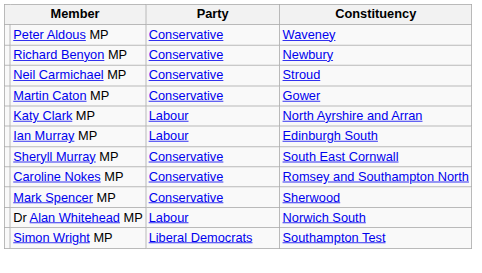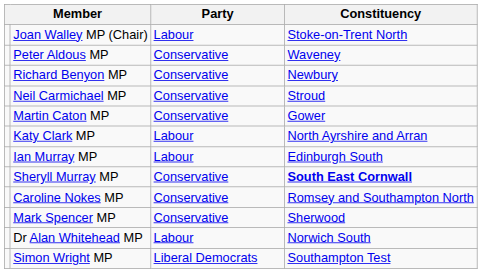 <table class="wikitable">
 <tr>
 <th colspan="2" valign="top" width="160px">Member</th>
 <th valign="top" width="160px">Party</th>
 <th valign="top">Constituency</th>
+</tr>
+<tr>
+<td style="color:inherit;background:"></td>
+<td><a href='#'>Joan Walley</a> MP (Chair)</td>
+<td><a href='#'>Labour</a></td>
+<td><a href='#'>Stoke-on-Trent North</a></td>
 </tr>
 <tr>
 <td style="color:inherit;background:"></td>
 <td><a href='#'>Peter Aldous</a> MP</td>
 <td><a href='#'>Conservative</a></td>
 <td><a href='#'>Waveney</a></td>
 </tr>
 <tr>
 <td style="color:inherit;background:"></td>
 <td><a href='#'>Richard Benyon</a> MP</td>
 <td><a href='#'>Conservative</a></td>
 <td><a href='#'>Newbury</a></td>
 </tr>
 <tr>
 <td style="color:inherit;background:"></td>
 <td><a href='#'>Neil Carmichael</a> MP</td>
 <td><a href='#'>Conservative</a></td>
 <td><a href='#'>Stroud</a></td>
 </tr>
 <tr>
 <td style="color:inherit;background:"></td>
 <td><a href='#'>Martin Caton</a> MP</td>
 <td><a href='#'>Conservative</a></td>
 <td><a href='#'>Gower</a></td>
 </tr>
 <tr>
 <td style="color:inherit;background:"></td>
 <td><a href='#'>Katy Clark</a> MP</td>
 <td><a href='#'>Labour</a></td>
 <td><a href='#'>North Ayrshire and Arran</a></td>
 </tr>
 <tr>
 <td style="color:inherit;background:"></td>
 <td><a href='#'>Ian Murray</a> MP</td>
 <td><a href='#'>Labour</a></td>
 <td><a href='#'>Edinburgh South</a></td>
 </tr>
 <tr>
 <td style="color:inherit;background:"></td>
 <td><a href='#'>Sheryll Murray</a> MP</td>
 <td><a href='#'>Conservative</a></td>
-<td><a href='#'>South East Cornwall</a></td>
+<td><strong><a href='#'>South East Cornwall</a></strong></td>
 </tr>
 <tr>
 <td style="color:inherit;background:"></td>
 <td><a href='#'>Caroline Nokes</a> MP</td>
 <td><a href='#'>Conservative</a></td>
 <td><a href='#'>Romsey and Southampton North</a></td>
 </tr>
 <tr>
 <td style="color:inherit;background:"></td>
 <td><a href='#'>Mark Spencer</a> MP</td>
 <td><a href='#'>Conservative</a></td>
 <td><a href='#'>Sherwood</a></td>
 </tr>
 <tr>
 <td style="color:inherit;background:"></td>
 <td>Dr <a href='#'>Alan Whitehead</a> MP</td>
 <td><a href='#'>Labour</a></td>
 <td><a href='#'>Norwich South</a></td>
 </tr>
 <tr>
 <td style="color:inherit;background:"></td>
 <td><a href='#'>Simon Wright</a> MP</td>
 <td><a href='#'>Liberal Democrats</a></td>
 <td><a href='#'>Southampton Test</a></td>
 </tr>
 </table>
